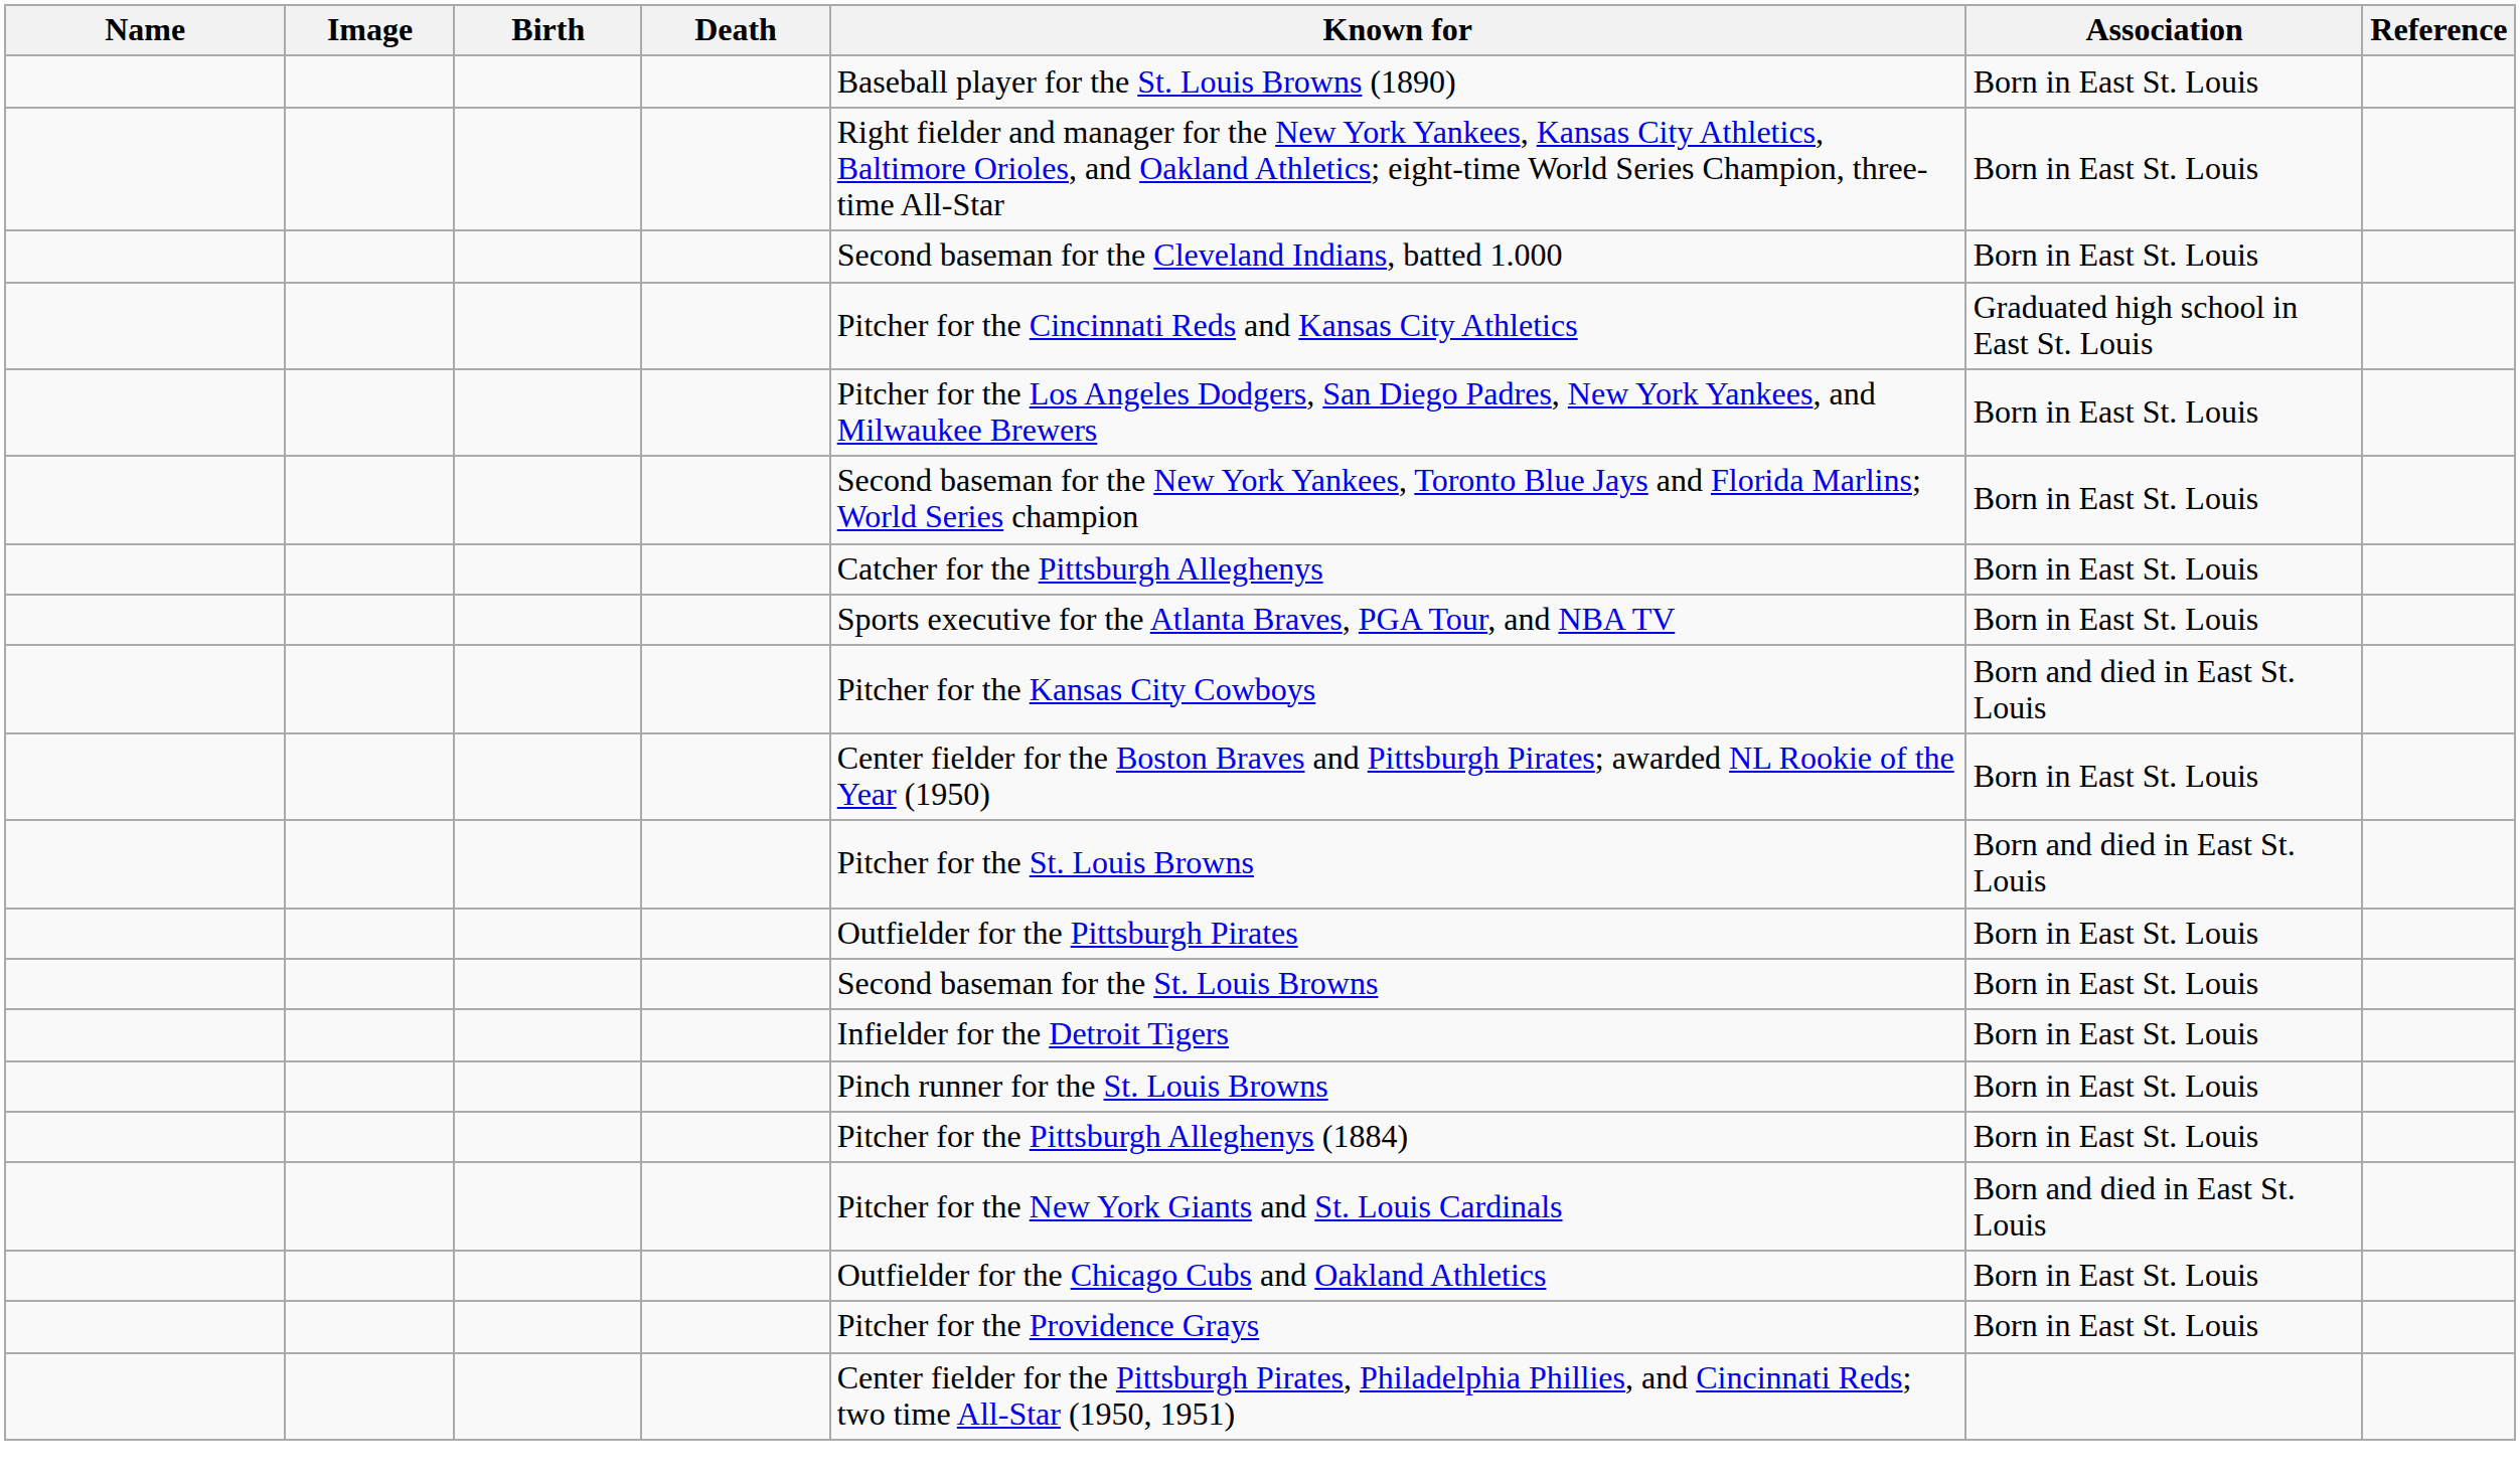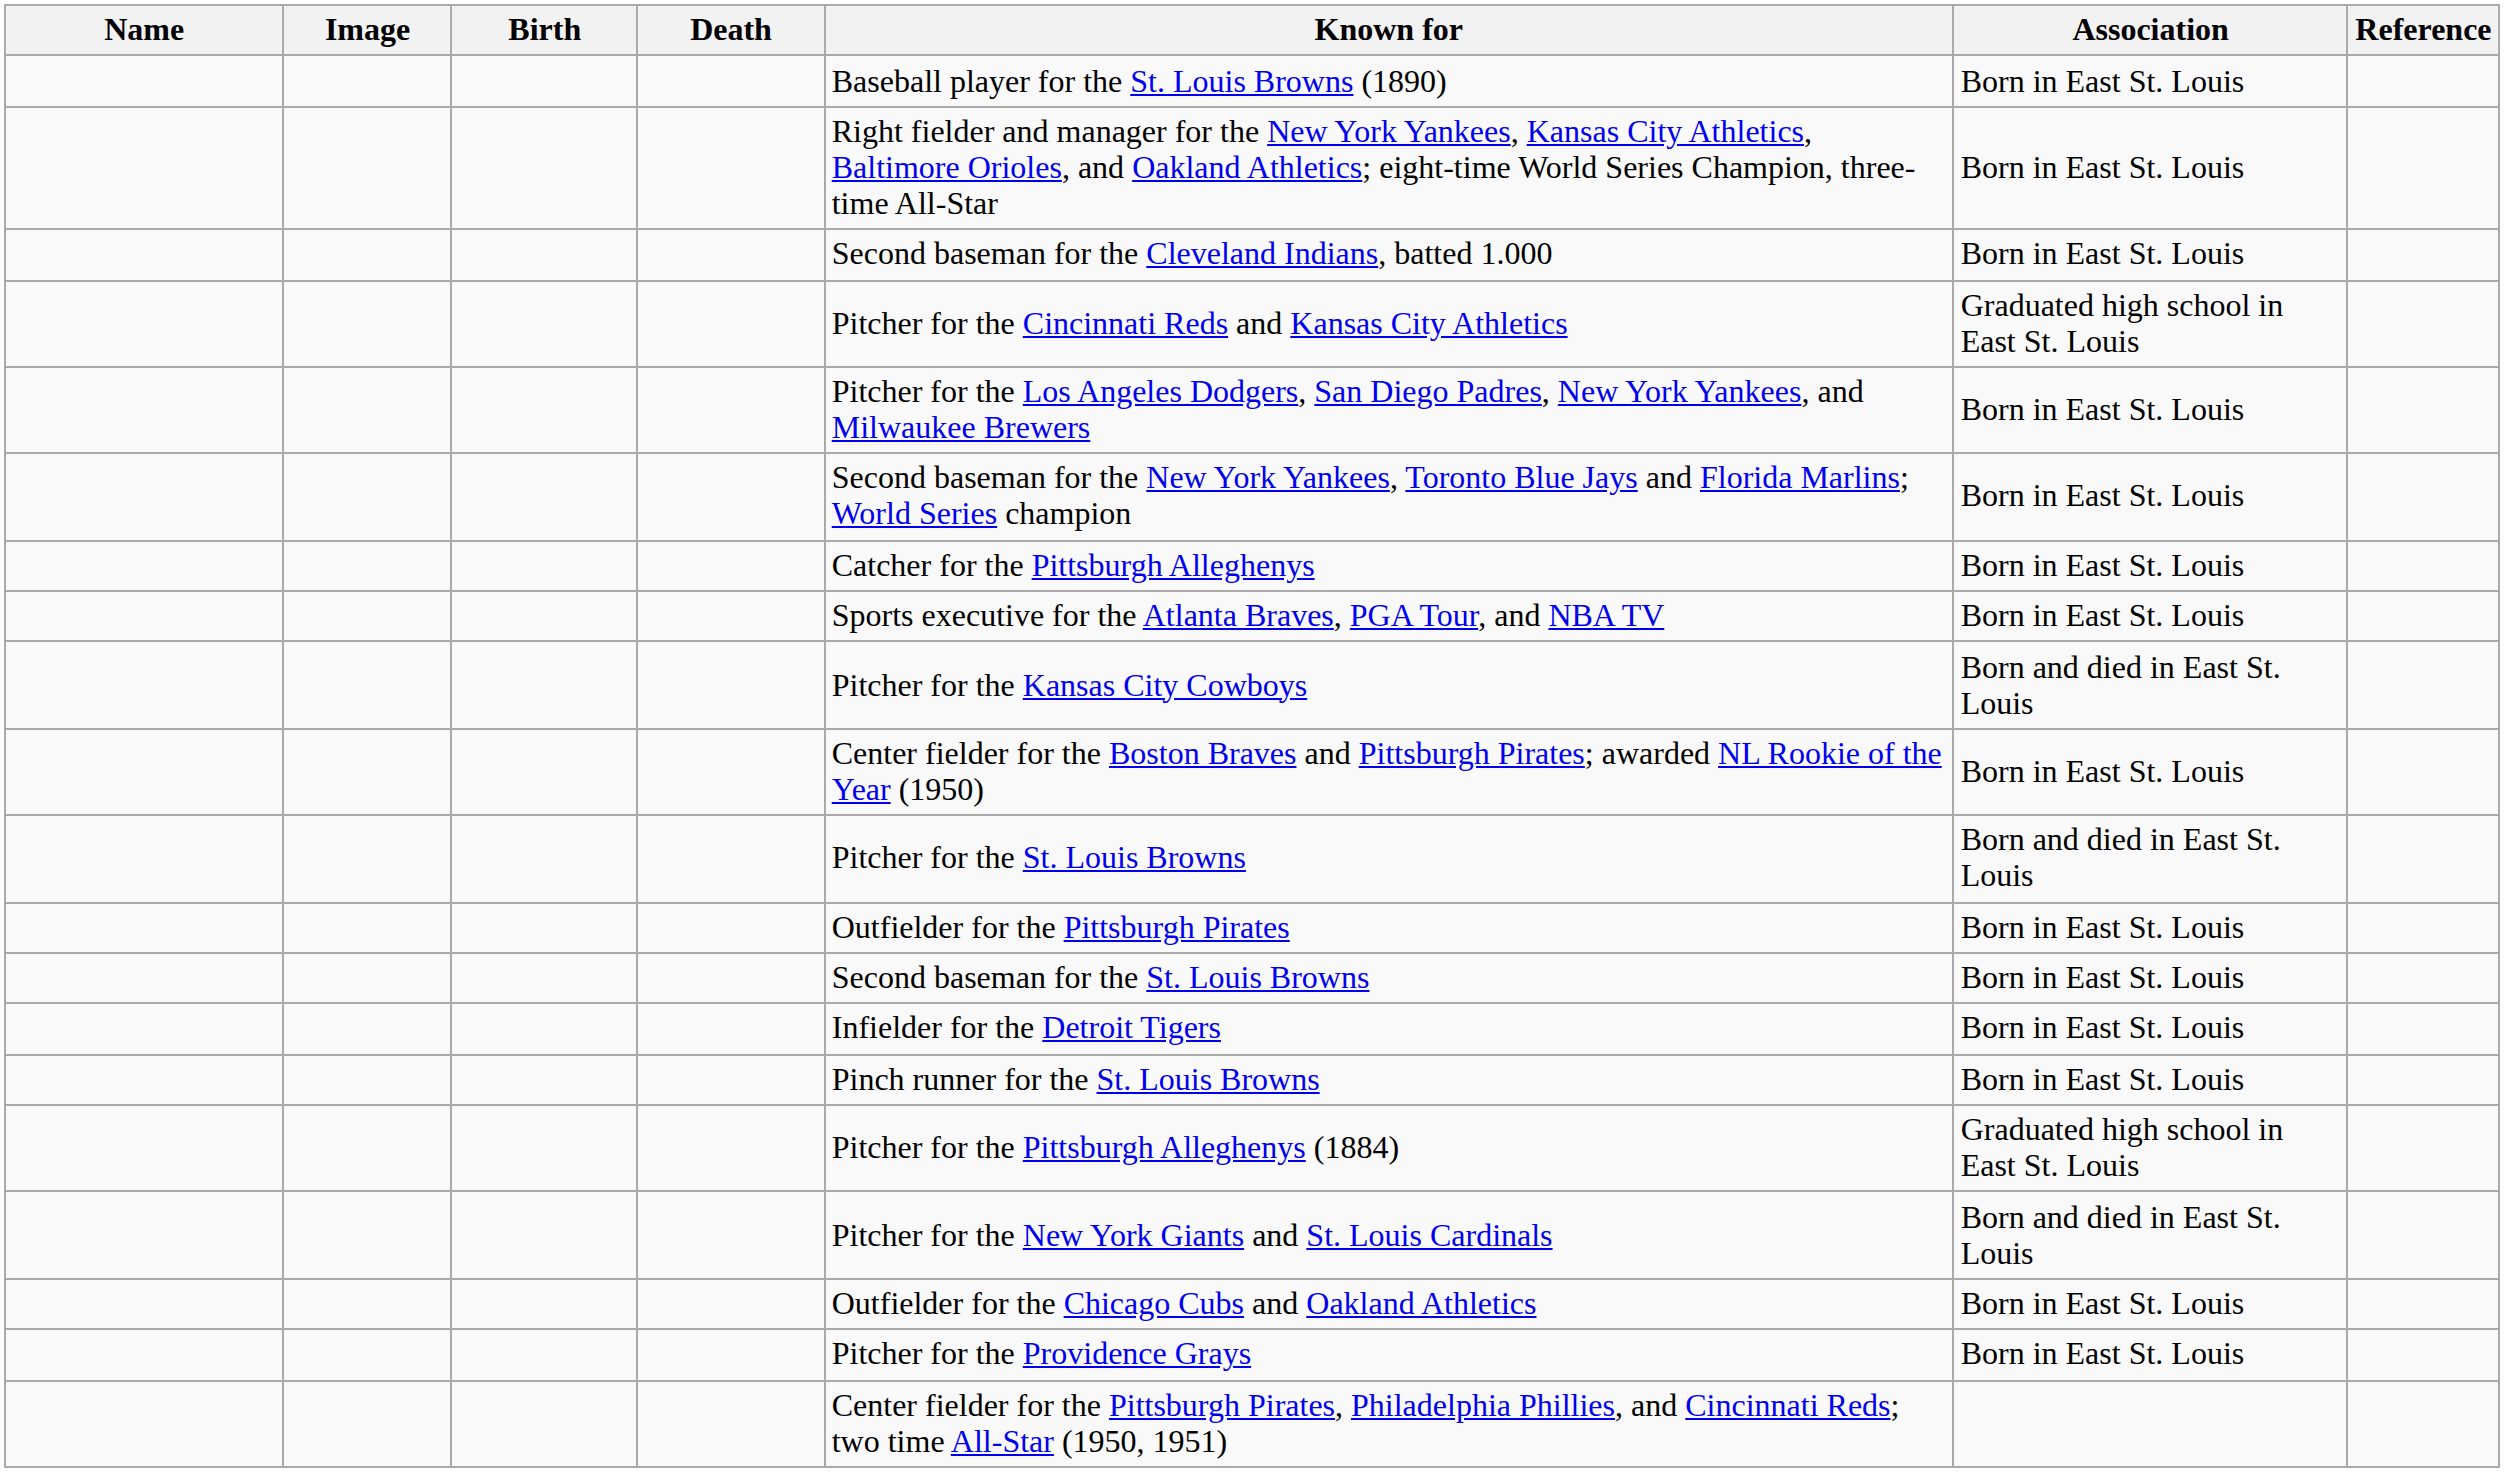 <table class="wikitable sortable">
 <tr>
 <th scope="col" width="140">Name</th>
 <th scope="col" width="80" class="unsortable">Image</th>
 <th scope="col" width="90">Birth</th>
 <th scope="col" width="90">Death</th>
 <th scope="col" width="600" class="unsortable">Known for</th>
 <th scope="col" width="200" class="unsortable">Association</th>
 <th scope="col" width="30" class="unsortable">Reference</th>
 </tr>
 <tr>
 <td></td>
 <td></td>
 <td align=right></td>
 <td align=right></td>
 <td>Baseball player for the <a href='#'>St. Louis Browns</a> (1890)</td>
 <td>Born in East St. Louis</td>
 <td align="center"></td>
 </tr>
 <tr>
 <td></td>
 <td></td>
 <td align=right></td>
 <td align=right></td>
 <td>Right fielder and manager for the <a href='#'>New York Yankees</a>, <a href='#'>Kansas City Athletics</a>, <a href='#'>Baltimore Orioles</a>, and <a href='#'>Oakland Athletics</a>; eight-time World Series Champion, three-time All-Star</td>
 <td>Born in East St. Louis</td>
 <td align="center"></td>
 </tr>
 <tr>
 <td></td>
 <td></td>
 <td align=right></td>
 <td align=right></td>
 <td>Second baseman for the <a href='#'>Cleveland Indians</a>, batted 1.000</td>
 <td>Born in East St. Louis</td>
 <td align="center"></td>
 </tr>
 <tr>
 <td></td>
 <td></td>
 <td align=right></td>
 <td align=right></td>
 <td>Pitcher for the <a href='#'>Cincinnati Reds</a> and <a href='#'>Kansas City Athletics</a></td>
 <td>Graduated high school in East St. Louis</td>
 <td align="center"></td>
 </tr>
 <tr>
 <td></td>
 <td></td>
 <td align=right></td>
 <td align=right></td>
 <td>Pitcher for the <a href='#'>Los Angeles Dodgers</a>, <a href='#'>San Diego Padres</a>, <a href='#'>New York Yankees</a>, and <a href='#'>Milwaukee Brewers</a></td>
 <td>Born in East St. Louis</td>
 <td align="center"></td>
 </tr>
 <tr>
 <td></td>
 <td></td>
 <td align=right></td>
 <td align=right></td>
 <td>Second baseman for the <a href='#'>New York Yankees</a>, <a href='#'>Toronto Blue Jays</a> and <a href='#'>Florida Marlins</a>; <a href='#'>World Series</a> champion</td>
 <td>Born in East St. Louis</td>
 <td align="center"></td>
 </tr>
 <tr>
 <td></td>
 <td></td>
 <td align=right></td>
 <td align=right></td>
 <td>Catcher for the <a href='#'>Pittsburgh Alleghenys</a></td>
 <td>Born in East St. Louis</td>
 <td align="center"></td>
 </tr>
 <tr>
 <td></td>
 <td></td>
 <td align=right></td>
 <td align=right></td>
 <td>Sports executive for the <a href='#'>Atlanta Braves</a>, <a href='#'>PGA Tour</a>, and <a href='#'>NBA TV</a></td>
 <td>Born in East St. Louis</td>
 <td align="center"></td>
 </tr>
 <tr>
 <td></td>
 <td></td>
 <td align=right></td>
 <td align=right></td>
 <td>Pitcher for the <a href='#'>Kansas City Cowboys</a></td>
 <td>Born and died in East St. Louis</td>
 <td align="center"></td>
 </tr>
 <tr>
 <td></td>
 <td></td>
 <td align=right></td>
 <td align=right></td>
 <td>Center fielder for the <a href='#'>Boston Braves</a> and <a href='#'>Pittsburgh Pirates</a>; awarded <a href='#'>NL Rookie of the Year</a> (1950)</td>
 <td>Born in East St. Louis</td>
 <td align="center"></td>
 </tr>
 <tr>
 <td></td>
 <td></td>
 <td align=right></td>
 <td align=right></td>
 <td>Pitcher for the <a href='#'>St. Louis Browns</a></td>
 <td>Born and died in East St. Louis</td>
 <td align="center"></td>
 </tr>
 <tr>
 <td></td>
 <td></td>
 <td align=right></td>
 <td align=right></td>
 <td>Outfielder for the <a href='#'>Pittsburgh Pirates</a></td>
 <td>Born in East St. Louis</td>
 <td align="center"></td>
 </tr>
 <tr>
 <td></td>
 <td></td>
 <td align=right></td>
 <td align=right></td>
 <td>Second baseman for the <a href='#'>St. Louis Browns</a></td>
 <td>Born in East St. Louis</td>
 <td align="center"></td>
 </tr>
 <tr>
 <td></td>
 <td></td>
 <td align=right></td>
 <td align=right></td>
 <td>Infielder for the <a href='#'>Detroit Tigers</a></td>
 <td>Born in East St. Louis</td>
 <td align="center"></td>
 </tr>
 <tr>
 <td></td>
 <td></td>
 <td align=right></td>
 <td align=right></td>
 <td>Pinch runner for the <a href='#'>St. Louis Browns</a></td>
 <td>Born in East St. Louis</td>
 <td align="center"></td>
 </tr>
 <tr>
 <td></td>
 <td></td>
 <td align=right></td>
 <td align=right></td>
 <td>Pitcher for the <a href='#'>Pittsburgh Alleghenys</a> (1884)</td>
-<td>Born in East St. Louis</td>
+<td>Graduated high school in East St. Louis</td>
 <td align="center"></td>
 </tr>
 <tr>
 <td></td>
 <td></td>
 <td align=right></td>
 <td align=right></td>
 <td>Pitcher for the <a href='#'>New York Giants</a> and <a href='#'>St. Louis Cardinals</a></td>
 <td>Born and died in East St. Louis</td>
 <td align="center"></td>
 </tr>
 <tr>
 <td></td>
 <td></td>
 <td align=right></td>
 <td align=right></td>
 <td>Outfielder for the <a href='#'>Chicago Cubs</a> and <a href='#'>Oakland Athletics</a></td>
 <td>Born in East St. Louis</td>
 <td align="center"></td>
 </tr>
 <tr>
 <td></td>
 <td></td>
 <td align=right></td>
 <td align=right></td>
 <td>Pitcher for the <a href='#'>Providence Grays</a></td>
 <td>Born in East St. Louis</td>
 <td align="center"></td>
 </tr>
 <tr>
 <td></td>
 <td></td>
 <td align=right></td>
 <td align=right></td>
 <td>Center fielder for the <a href='#'>Pittsburgh Pirates</a>, <a href='#'>Philadelphia Phillies</a>, and <a href='#'>Cincinnati Reds</a>; two time <a href='#'>All-Star</a> (1950, 1951)</td>
 <td></td>
 <td align="center"></td>
 </tr>
 <tr>
 </tr>
 </table>
